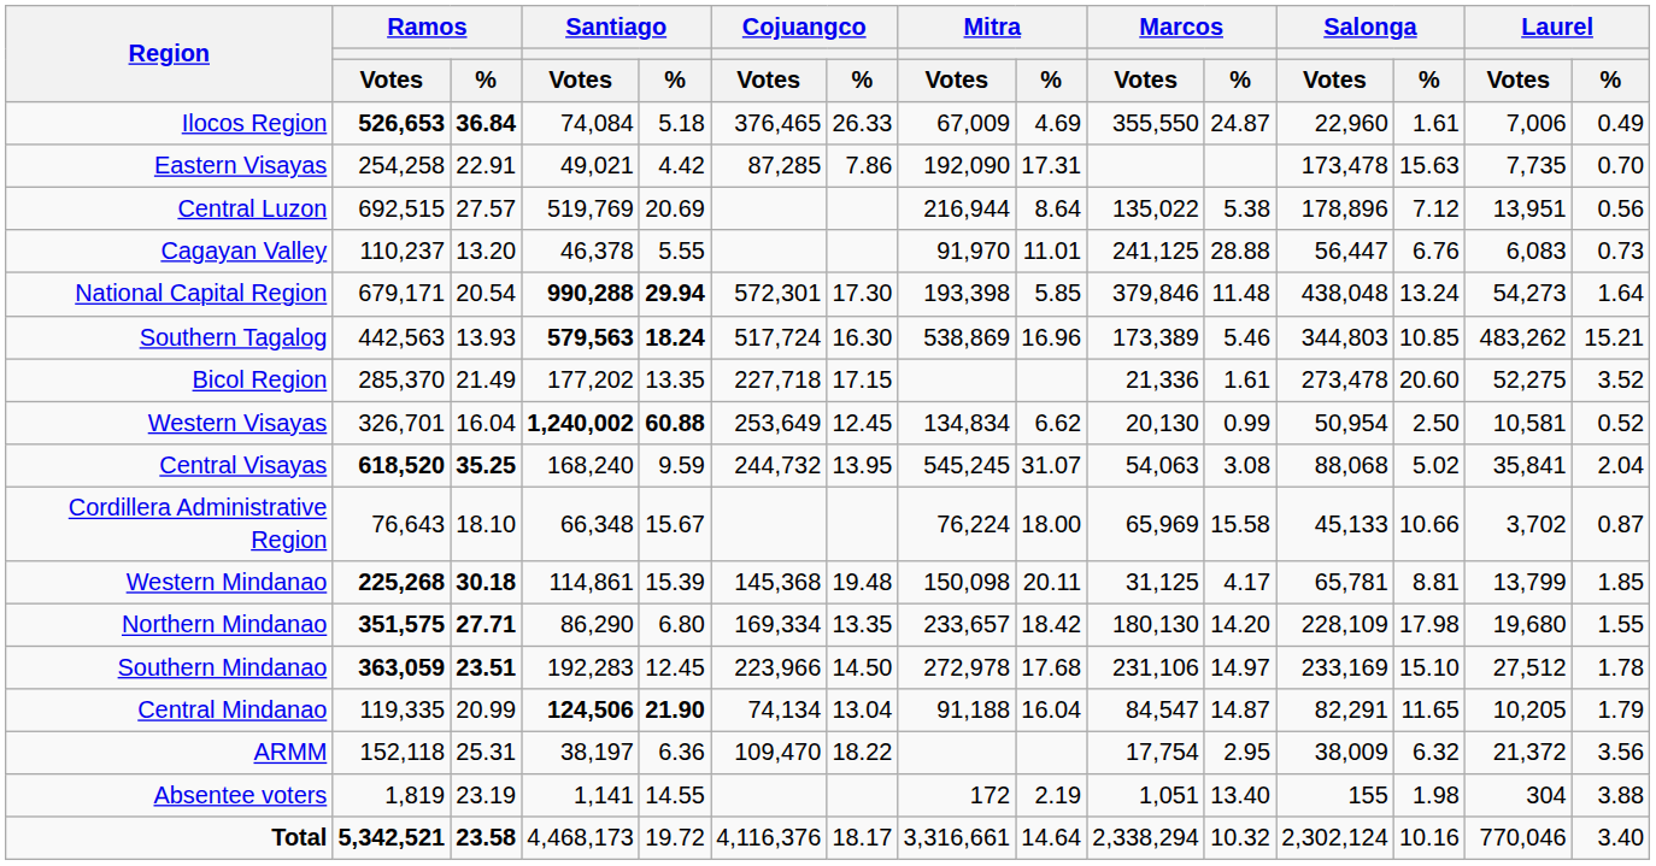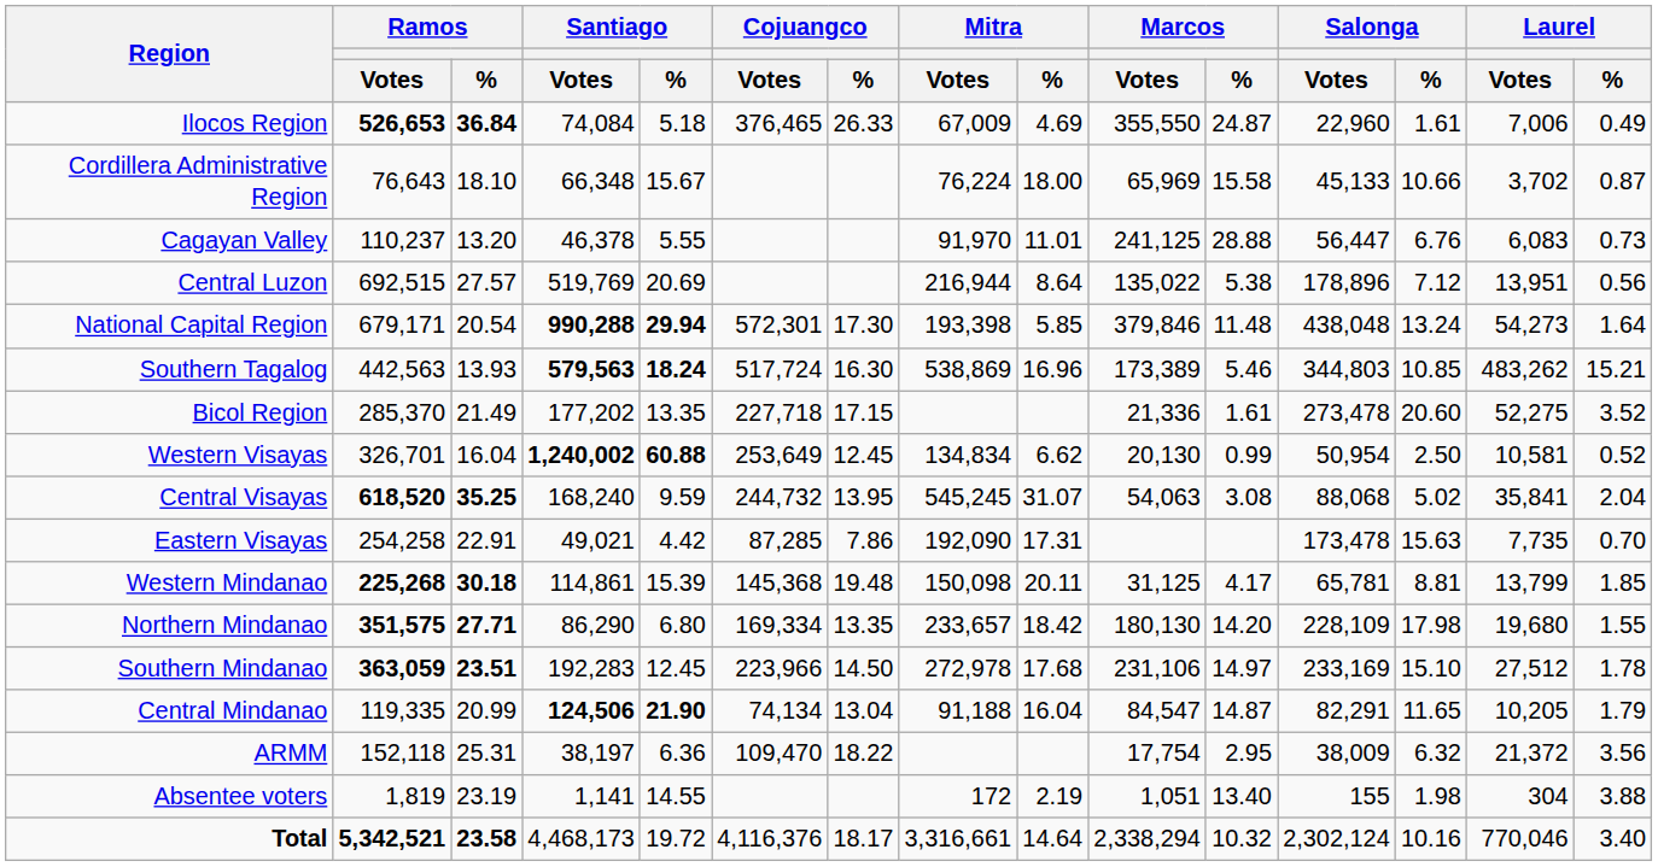 <table class="wikitable sortable collapsible collapsed" style="text-align:right; font-size:95%; line-height:20px;">
 <tr>
 <th width="200" rowspan="3"><a href='#'>Region</a></th>
 <th width="110" colspan="2"><a href='#'>Ramos</a></th>
 <th width="110" colspan="2"><a href='#'>Santiago</a></th>
 <th width="110" colspan="2"><a href='#'>Cojuangco</a></th>
 <th width="110" colspan="2"><a href='#'>Mitra</a></th>
 <th width="110" colspan="2"><a href='#'>Marcos</a></th>
 <th width="110" colspan="2"><a href='#'>Salonga</a></th>
 <th width="110" colspan="2"><a href='#'>Laurel</a></th>
 </tr>
 <tr>
 <th colspan="2" style="background:"></th>
 <th colspan="2" style="background:"></th>
 <th colspan="2" style="background:"></th>
 <th colspan="2" style="background:"></th>
 <th colspan="2" style="background:"></th>
 <th colspan="2" style="background:"></th>
 <th colspan="2" style="background:"></th>
 </tr>
 <tr>
 <th>Votes</th>
 <th>%</th>
 <th>Votes</th>
 <th>%</th>
 <th>Votes</th>
 <th>%</th>
 <th>Votes</th>
 <th>%</th>
 <th>Votes</th>
 <th>%</th>
 <th>Votes</th>
 <th>%</th>
 <th>Votes</th>
 <th>%</th>
 </tr>
 <tr>
 <td><a href='#'>Ilocos Region</a></td>
 <td>  <strong>526,653</strong></td>
 <td>  <strong>36.84</strong></td>
 <td>74,084</td>
 <td>5.18</td>
 <td>376,465</td>
 <td>26.33</td>
 <td>67,009</td>
 <td>4.69</td>
 <td>355,550</td>
 <td>24.87</td>
 <td>22,960</td>
 <td>1.61</td>
 <td>7,006</td>
 <td>0.49</td>
 </tr>
 <tr>
-<td><a href='#'>Eastern Visayas</a></td>
-<td>254,258</td>
-<td>22.91</td>
-<td>49,021</td>
-<td>4.42</td>
-<td>87,285</td>
-<td>7.86</td>
-<td>192,090</td>
-<td>17.31</td>
+<td><a href='#'>Cordillera Administrative Region</a></td>
+<td>76,643</td>
+<td>18.10</td>
+<td>66,348</td>
+<td>15.67</td>
 <td> <strong></strong></td>
 <td> <strong></strong></td>
-<td>173,478</td>
-<td>15.63</td>
-<td>7,735</td>
-<td>0.70</td>
+<td>76,224</td>
+<td>18.00</td>
+<td>65,969</td>
+<td>15.58</td>
+<td>45,133</td>
+<td>10.66</td>
+<td>3,702</td>
+<td>0.87</td>
+</tr>
+<tr>
+<td><a href='#'>Cagayan Valley</a></td>
+<td>110,237</td>
+<td>13.20</td>
+<td>46,378</td>
+<td>5.55</td>
+<td> <strong></strong></td>
+<td> <strong></strong></td>
+<td>91,970</td>
+<td>11.01</td>
+<td>241,125</td>
+<td>28.88</td>
+<td>56,447</td>
+<td>6.76</td>
+<td>6,083</td>
+<td>0.73</td>
 </tr>
 <tr>
 <td><a href='#'>Central Luzon</a></td>
 <td>692,515</td>
 <td>27.57</td>
 <td>519,769</td>
 <td>20.69</td>
 <td> <strong></strong></td>
 <td> <strong></strong></td>
 <td>216,944</td>
 <td>8.64</td>
 <td>135,022</td>
 <td>5.38</td>
 <td>178,896</td>
 <td>7.12</td>
 <td>13,951</td>
 <td>0.56</td>
-</tr>
-<tr>
-<td><a href='#'>Cagayan Valley</a></td>
-<td>110,237</td>
-<td>13.20</td>
-<td>46,378</td>
-<td>5.55</td>
-<td> <strong></strong></td>
-<td> <strong></strong></td>
-<td>91,970</td>
-<td>11.01</td>
-<td>241,125</td>
-<td>28.88</td>
-<td>56,447</td>
-<td>6.76</td>
-<td>6,083</td>
-<td>0.73</td>
 </tr>
 <tr>
 <td><a href='#'>National Capital Region</a></td>
 <td>679,171</td>
 <td>20.54</td>
 <td>  <strong>990,288</strong></td>
 <td>  <strong>29.94</strong></td>
 <td>572,301</td>
 <td>17.30</td>
 <td>193,398</td>
 <td>5.85</td>
 <td>379,846</td>
 <td>11.48</td>
 <td>438,048</td>
 <td>13.24</td>
 <td>54,273</td>
 <td>1.64</td>
 </tr>
 <tr>
 <td><a href='#'>Southern Tagalog</a></td>
 <td>442,563</td>
 <td>13.93</td>
 <td>  <strong>579,563</strong></td>
 <td>  <strong>18.24</strong></td>
 <td>517,724</td>
 <td>16.30</td>
 <td>538,869</td>
 <td>16.96</td>
 <td>173,389</td>
 <td>5.46</td>
 <td>344,803</td>
 <td>10.85</td>
 <td>483,262</td>
 <td>15.21</td>
 </tr>
 <tr>
 <td><a href='#'>Bicol Region</a></td>
 <td>285,370</td>
 <td>21.49</td>
 <td>177,202</td>
 <td>13.35</td>
 <td>227,718</td>
 <td>17.15</td>
 <td> <strong></strong></td>
 <td> <strong></strong></td>
 <td>21,336</td>
 <td>1.61</td>
 <td>273,478</td>
 <td>20.60</td>
 <td>52,275</td>
 <td>3.52</td>
 </tr>
 <tr>
 <td><a href='#'>Western Visayas</a></td>
 <td>326,701</td>
 <td>16.04</td>
 <td>  <strong>1,240,002</strong></td>
 <td>  <strong>60.88</strong></td>
 <td>253,649</td>
 <td>12.45</td>
 <td>134,834</td>
 <td>6.62</td>
 <td>20,130</td>
 <td>0.99</td>
 <td>50,954</td>
 <td>2.50</td>
 <td>10,581</td>
 <td>0.52</td>
 </tr>
 <tr>
 <td><a href='#'>Central Visayas</a></td>
 <td>  <strong>618,520</strong></td>
 <td>  <strong>35.25</strong></td>
 <td>168,240</td>
 <td>9.59</td>
 <td>244,732</td>
 <td>13.95</td>
 <td>545,245</td>
 <td>31.07</td>
 <td>54,063</td>
 <td>3.08</td>
 <td>88,068</td>
 <td>5.02</td>
 <td>35,841</td>
 <td>2.04</td>
 </tr>
 <tr>
-<td><a href='#'>Cordillera Administrative Region</a></td>
-<td>76,643</td>
-<td>18.10</td>
-<td>66,348</td>
-<td>15.67</td>
+<td><a href='#'>Eastern Visayas</a></td>
+<td>254,258</td>
+<td>22.91</td>
+<td>49,021</td>
+<td>4.42</td>
+<td>87,285</td>
+<td>7.86</td>
+<td>192,090</td>
+<td>17.31</td>
 <td> <strong></strong></td>
 <td> <strong></strong></td>
-<td>76,224</td>
-<td>18.00</td>
-<td>65,969</td>
-<td>15.58</td>
-<td>45,133</td>
-<td>10.66</td>
-<td>3,702</td>
-<td>0.87</td>
+<td>173,478</td>
+<td>15.63</td>
+<td>7,735</td>
+<td>0.70</td>
 </tr>
 <tr>
 <td><a href='#'>Western Mindanao</a></td>
 <td>  <strong>225,268</strong></td>
 <td>  <strong>30.18</strong></td>
 <td>114,861</td>
 <td>15.39</td>
 <td>145,368</td>
 <td>19.48</td>
 <td>150,098</td>
 <td>20.11</td>
 <td>31,125</td>
 <td>4.17</td>
 <td>65,781</td>
 <td>8.81</td>
 <td>13,799</td>
 <td>1.85</td>
 </tr>
 <tr>
 <td><a href='#'>Northern Mindanao</a></td>
 <td>  <strong>351,575</strong></td>
 <td>  <strong>27.71</strong></td>
 <td>86,290</td>
 <td>6.80</td>
 <td>169,334</td>
 <td>13.35</td>
 <td>233,657</td>
 <td>18.42</td>
 <td>180,130</td>
 <td>14.20</td>
 <td>228,109</td>
 <td>17.98</td>
 <td>19,680</td>
 <td>1.55</td>
 </tr>
 <tr>
 <td><a href='#'>Southern Mindanao</a></td>
 <td>  <strong>363,059</strong></td>
 <td>  <strong>23.51</strong></td>
 <td>192,283</td>
 <td>12.45</td>
 <td>223,966</td>
 <td>14.50</td>
 <td>272,978</td>
 <td>17.68</td>
 <td>231,106</td>
 <td>14.97</td>
 <td>233,169</td>
 <td>15.10</td>
 <td>27,512</td>
 <td>1.78</td>
 </tr>
 <tr>
 <td><a href='#'>Central Mindanao</a></td>
 <td>119,335</td>
 <td>20.99</td>
 <td>  <strong>124,506</strong></td>
 <td>  <strong>21.90</strong></td>
 <td>74,134</td>
 <td>13.04</td>
 <td>91,188</td>
 <td>16.04</td>
 <td>84,547</td>
 <td>14.87</td>
 <td>82,291</td>
 <td>11.65</td>
 <td>10,205</td>
 <td>1.79</td>
 </tr>
 <tr>
 <td><a href='#'>ARMM</a></td>
 <td>152,118</td>
 <td>25.31</td>
 <td>38,197</td>
 <td>6.36</td>
 <td>109,470</td>
 <td>18.22</td>
 <td> <strong></strong></td>
 <td> <strong></strong></td>
 <td>17,754</td>
 <td>2.95</td>
 <td>38,009</td>
 <td>6.32</td>
 <td>21,372</td>
 <td>3.56</td>
 </tr>
 <tr>
 <td><a href='#'>Absentee voters</a></td>
 <td>1,819</td>
 <td>23.19</td>
 <td>1,141</td>
 <td>14.55</td>
 <td> <strong></strong></td>
 <td> <strong></strong></td>
 <td>172</td>
 <td>2.19</td>
 <td>1,051</td>
 <td>13.40</td>
 <td>155</td>
 <td>1.98</td>
 <td>304</td>
 <td>3.88</td>
 </tr>
 <tr>
 <td><strong>Total</strong></td>
 <td> <strong>5,342,521</strong></td>
 <td> <strong>23.58</strong></td>
 <td>4,468,173</td>
 <td>19.72</td>
 <td>4,116,376</td>
 <td>18.17</td>
 <td>3,316,661</td>
 <td>14.64</td>
 <td>2,338,294</td>
 <td>10.32</td>
 <td>2,302,124</td>
 <td>10.16</td>
 <td>770,046</td>
 <td>3.40</td>
 </tr>
 </table>
